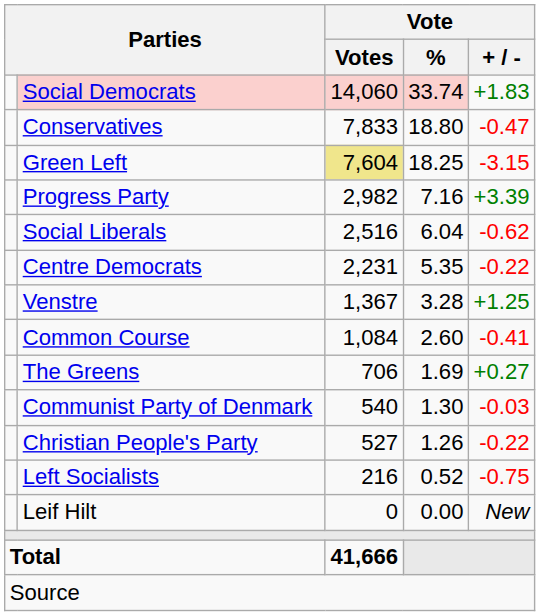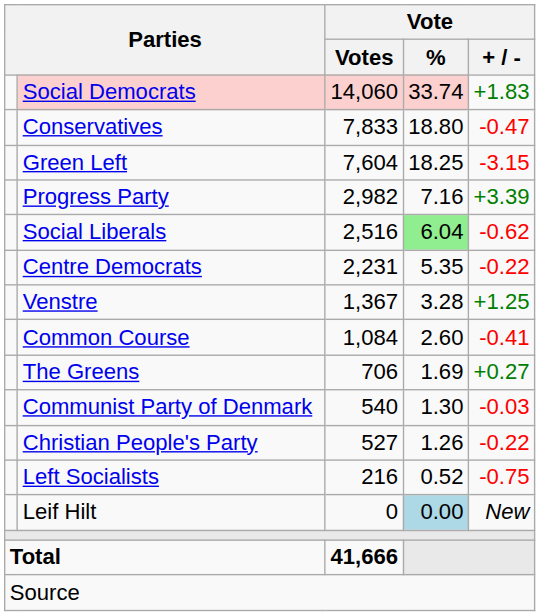 <table class="wikitable" style="text-align:right;">
 <tr>
 <th style="text-align:centre;" rowspan="2" colspan="2" width="225">Parties</th>
 <th colspan="3">Vote</th>
 </tr>
 <tr>
 <th width="15">Votes</th>
 <th width="15">%</th>
 <th width="15">+ / -</th>
 </tr>
 <tr>
 <td width="2" style="color:inherit;background:"></td>
 <td bgcolor=#fbd0ce  align="left"><a href='#'>Social Democrats</a></td>
 <td bgcolor=#fbd0ce>14,060</td>
 <td bgcolor=#fbd0ce>33.74</td>
 <td style=color:green;>+1.83</td>
 </tr>
 <tr>
 <td width="2" style="color:inherit;background:"></td>
 <td align="left"><a href='#'>Conservatives</a></td>
 <td>7,833</td>
 <td>18.80</td>
 <td style=color:red;>-0.47</td>
 </tr>
 <tr>
 <td width="2" style="color:inherit;background:"></td>
 <td align="left"><a href='#'>Green Left</a></td>
-<td style="background: khaki;">7,604</td>
+<td>7,604</td>
 <td>18.25</td>
 <td style=color:red;>-3.15</td>
 </tr>
 <tr>
 <td width="2" style="color:inherit;background:"></td>
 <td align="left"><a href='#'>Progress Party</a></td>
 <td>2,982</td>
 <td>7.16</td>
 <td style=color:green;>+3.39</td>
 </tr>
 <tr>
 <td width="2" style="color:inherit;background:"></td>
 <td align="left"><a href='#'>Social Liberals</a></td>
 <td>2,516</td>
-<td>6.04</td>
+<td style="background: lightgreen;">6.04</td>
 <td style=color:red;>-0.62</td>
 </tr>
 <tr>
 <td width="2" style="color:inherit;background:"></td>
 <td align="left"><a href='#'>Centre Democrats</a></td>
 <td>2,231</td>
 <td>5.35</td>
 <td style=color:red;>-0.22</td>
 </tr>
 <tr>
 <td width="2" style="color:inherit;background:"></td>
 <td align="left"><a href='#'>Venstre</a></td>
 <td>1,367</td>
 <td>3.28</td>
 <td style=color:green;>+1.25</td>
 </tr>
 <tr>
 <td width="2" style="color:inherit;background:"></td>
 <td align="left"><a href='#'>Common Course</a></td>
 <td>1,084</td>
 <td>2.60</td>
 <td style=color:red;>-0.41</td>
 </tr>
 <tr>
 <td width="2" style="color:inherit;background:"></td>
 <td align="left"><a href='#'>The Greens</a></td>
 <td>706</td>
 <td>1.69</td>
 <td style=color:green;>+0.27</td>
 </tr>
 <tr>
 <td width="2" style="color:inherit;background:"></td>
 <td align="left"><a href='#'>Communist Party of Denmark</a></td>
 <td>540</td>
 <td>1.30</td>
 <td style=color:red;>-0.03</td>
 </tr>
 <tr>
 <td width="2" style="color:inherit;background:"></td>
 <td align="left"><a href='#'>Christian People's Party</a></td>
 <td>527</td>
 <td>1.26</td>
 <td style=color:red;>-0.22</td>
 </tr>
 <tr>
 <td width="2" style="color:inherit;background:"></td>
 <td align="left"><a href='#'>Left Socialists</a></td>
 <td>216</td>
 <td>0.52</td>
 <td style=color:red;>-0.75</td>
 </tr>
 <tr>
 <td width="2" style="color:inherit;background:"></td>
 <td align="left">Leif Hilt</td>
 <td>0</td>
-<td>0.00</td>
+<td style="background: lightblue;">0.00</td>
 <td><em>New</em></td>
 </tr>
 <tr>
 <td colspan="7" bgcolor="#E9E9E9"></td>
 </tr>
 <tr>
 <td align="left" colspan="2"><strong>Total</strong></td>
 <td><strong>41,666</strong></td>
 <td bgcolor="#E9E9E9" colspan="2"></td>
 </tr>
 <tr>
 <td align="left" colspan="6">Source</td>
 </tr>
 </table>
